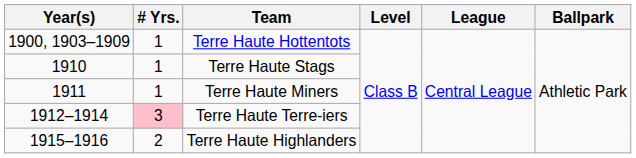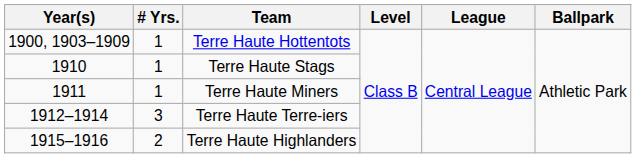 <table class="wikitable" style="text-align:center; font-size: 95%;">
 <tr>
 <th>Year(s)</th>
 <th># Yrs.</th>
 <th>Team</th>
 <th>Level</th>
 <th>League</th>
 <th>Ballpark</th>
 </tr>
 <tr>
 <td>1900, 1903–1909</td>
 <td>1</td>
 <td><a href='#'>Terre Haute Hottentots</a></td>
 <td rowspan=5><a href='#'>Class B</a></td>
 <td rowspan=5><a href='#'>Central League</a></td>
 <td rowspan=9>Athletic Park</td>
 </tr>
 <tr>
 <td>1910</td>
 <td>1</td>
 <td>Terre Haute Stags</td>
 </tr>
 <tr>
 <td>1911</td>
 <td>1</td>
 <td>Terre Haute Miners</td>
 </tr>
 <tr>
 <td>1912–1914</td>
-<td style="background: pink;">3</td>
+<td>3</td>
 <td>Terre Haute Terre-iers</td>
 </tr>
 <tr>
 <td>1915–1916</td>
 <td>2</td>
 <td>Terre Haute Highlanders</td>
 </tr>
 </table>
